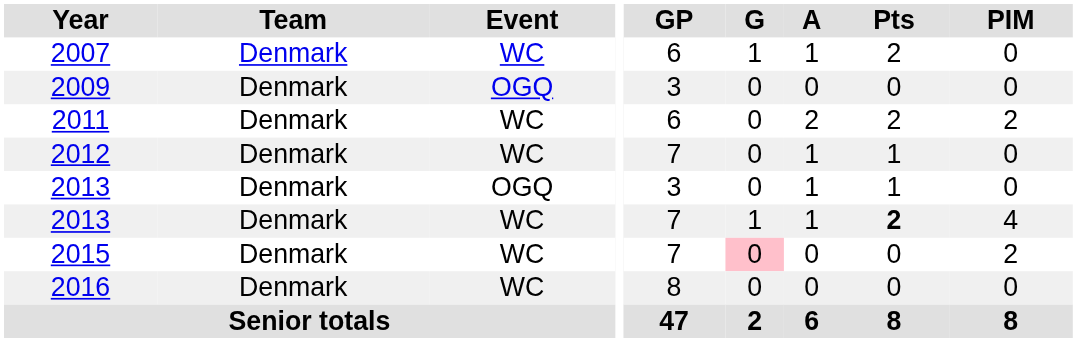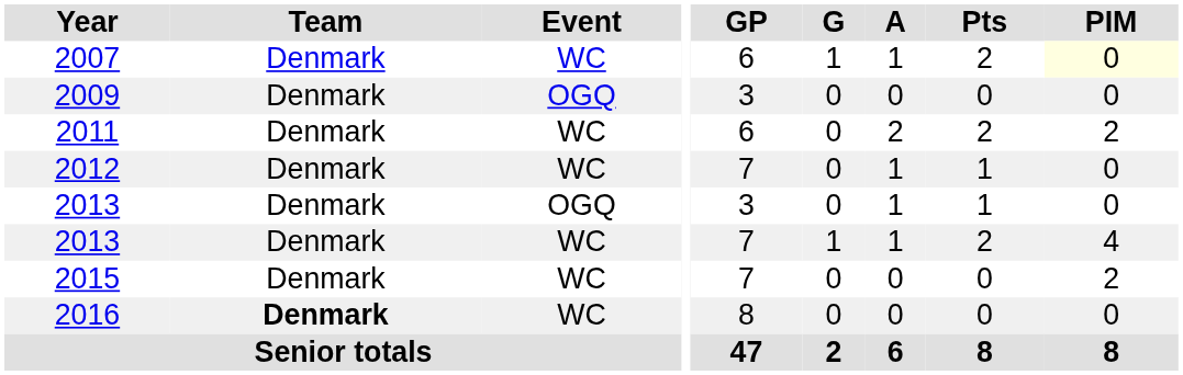 <table border="0" cellpadding="1" cellspacing="0" ID="Table3" style="text-align:center; width:40em">
 <tr ALIGN="center" bgcolor="#e0e0e0">
 <th>Year</th>
 <th>Team</th>
 <th>Event</th>
 <th rowspan="99" bgcolor="#ffffff"></th>
 <th>GP</th>
 <th>G</th>
 <th>A</th>
 <th>Pts</th>
 <th>PIM</th>
 </tr>
 <tr>
 <td><a href='#'>2007</a></td>
 <td><a href='#'>Denmark</a></td>
 <td><a href='#'>WC</a></td>
 <td>6</td>
 <td>1</td>
 <td>1</td>
 <td>2</td>
-<td>0</td>
+<td style="background: lightyellow;">0</td>
 </tr>
 <tr bgcolor="#f0f0f0">
 <td><a href='#'>2009</a></td>
 <td>Denmark</td>
 <td><a href='#'>OGQ</a></td>
 <td>3</td>
 <td>0</td>
 <td>0</td>
 <td>0</td>
 <td>0</td>
 </tr>
 <tr>
 <td><a href='#'>2011</a></td>
 <td>Denmark</td>
 <td>WC</td>
 <td>6</td>
 <td>0</td>
 <td>2</td>
 <td>2</td>
 <td>2</td>
 </tr>
 <tr bgcolor="#f0f0f0">
 <td><a href='#'>2012</a></td>
 <td>Denmark</td>
 <td>WC</td>
 <td>7</td>
 <td>0</td>
 <td>1</td>
 <td>1</td>
 <td>0</td>
 </tr>
 <tr>
 <td><a href='#'>2013</a></td>
 <td>Denmark</td>
 <td>OGQ</td>
 <td>3</td>
 <td>0</td>
 <td>1</td>
 <td>1</td>
 <td>0</td>
 </tr>
 <tr bgcolor="#f0f0f0">
 <td><a href='#'>2013</a></td>
 <td>Denmark</td>
 <td>WC</td>
 <td>7</td>
 <td>1</td>
 <td>1</td>
-<td><strong>2</strong></td>
+<td>2</td>
 <td>4</td>
 </tr>
 <tr>
 <td><a href='#'>2015</a></td>
 <td>Denmark</td>
 <td>WC</td>
 <td>7</td>
-<td style="background: pink;">0</td>
+<td>0</td>
 <td>0</td>
 <td>0</td>
 <td>2</td>
 </tr>
 <tr bgcolor="#f0f0f0">
 <td><a href='#'>2016</a></td>
-<td>Denmark</td>
+<td><strong>Denmark</strong></td>
 <td>WC</td>
 <td>8</td>
 <td>0</td>
 <td>0</td>
 <td>0</td>
 <td>0</td>
 </tr>
 <tr bgcolor="#e0e0e0">
 <th colspan="3">Senior totals</th>
 <th>47</th>
 <th>2</th>
 <th>6</th>
 <th>8</th>
 <th>8</th>
 </tr>
 </table>
